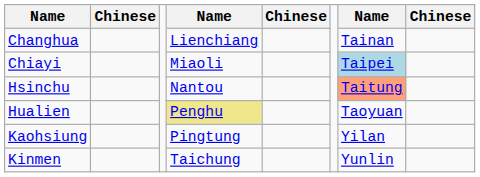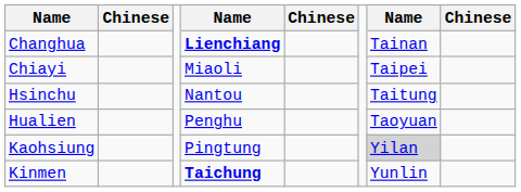 <table class="wikitable">
 <tr>
 <th scope="col">Name</th>
 <th scope="col">Chinese</th>
 <th style="border-bottom: none; background-color: #f8f9fa;"></th>
 <th scope="col">Name</th>
 <th scope="col">Chinese</th>
 <th style="border-bottom: none; background-color: #f8f9fa;"></th>
 <th scope="col">Name</th>
 <th scope="col">Chinese</th>
 </tr>
 <tr>
 <td><a href='#'>Changhua</a></td>
 <td><span></span></td>
 <td rowspan="6" style="border-top: none;"></td>
-<td><a href='#'>Lienchiang</a></td>
+<td><strong><a href='#'>Lienchiang</a></strong></td>
 <td><span></span></td>
 <td rowspan="6" style="border-top: none;"></td>
 <td><a href='#'>Tainan</a></td>
 <td><span></span></td>
 </tr>
 <tr>
 <td><a href='#'>Chiayi</a></td>
 <td><span></span></td>
 <td><a href='#'>Miaoli</a></td>
 <td><span></span></td>
-<td style="background: lightblue;"><a href='#'>Taipei</a></td>
+<td><a href='#'>Taipei</a></td>
 <td><span></span></td>
 </tr>
 <tr>
 <td><a href='#'>Hsinchu</a></td>
 <td><span></span></td>
 <td><a href='#'>Nantou</a></td>
 <td><span></span></td>
-<td style="background: lightsalmon;"><a href='#'>Taitung</a></td>
+<td><a href='#'>Taitung</a></td>
 <td><span></span></td>
 </tr>
 <tr>
 <td><a href='#'>Hualien</a></td>
 <td><span></span></td>
-<td style="background: khaki;"><a href='#'>Penghu</a></td>
+<td><a href='#'>Penghu</a></td>
 <td><span></span></td>
 <td><a href='#'>Taoyuan</a></td>
 <td><span></span></td>
 </tr>
 <tr>
 <td><a href='#'>Kaohsiung</a></td>
 <td><span></span></td>
 <td><a href='#'>Pingtung</a></td>
 <td><span></span></td>
-<td><a href='#'>Yilan</a></td>
+<td style="background: lightgrey;"><a href='#'>Yilan</a></td>
 <td><span></span></td>
 </tr>
 <tr>
 <td><a href='#'>Kinmen</a></td>
 <td><span></span></td>
-<td><a href='#'>Taichung</a></td>
+<td><strong><a href='#'>Taichung</a></strong></td>
 <td><span></span></td>
 <td><a href='#'>Yunlin</a></td>
 <td><span></span></td>
 </tr>
 </table>
